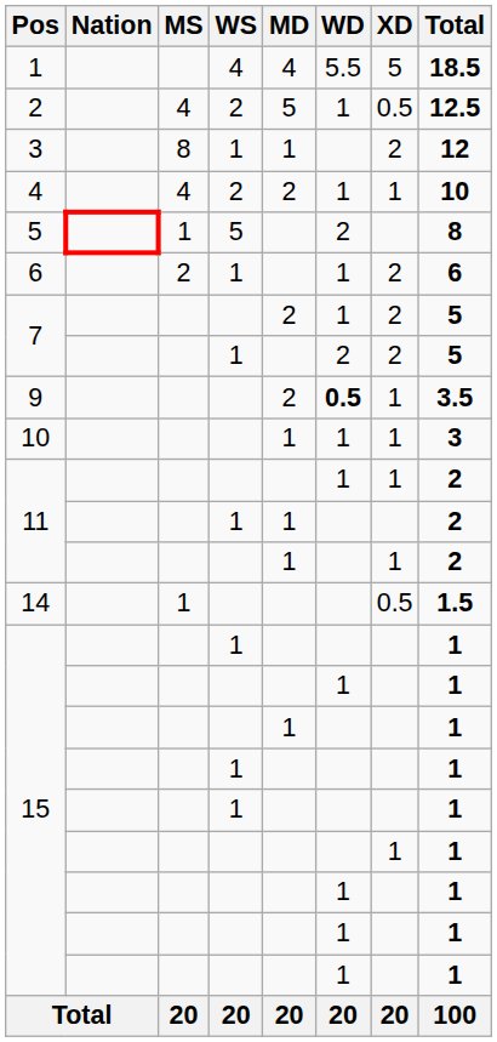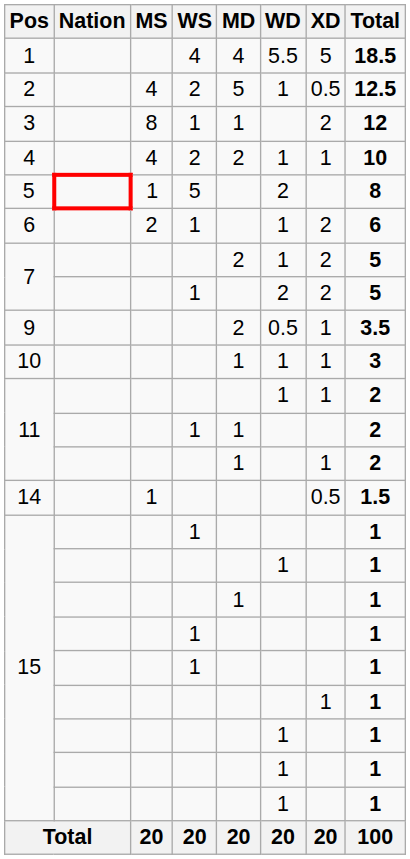 <table class="wikitable" style="text-align:center">
 <tr>
 <th>Pos</th>
 <th>Nation</th>
 <th>MS</th>
 <th>WS</th>
 <th>MD</th>
 <th>WD</th>
 <th>XD</th>
 <th>Total</th>
 </tr>
 <tr>
 <td>1</td>
 <td align="left"></td>
 <td></td>
 <td>4</td>
 <td>4</td>
 <td>5.5</td>
 <td>5</td>
 <td><strong>18.5</strong></td>
 </tr>
 <tr>
 <td>2</td>
 <td align="left"></td>
 <td>4</td>
 <td>2</td>
 <td>5</td>
 <td>1</td>
 <td>0.5</td>
 <td><strong>12.5</strong></td>
 </tr>
 <tr>
 <td>3</td>
 <td align="left"></td>
 <td>8</td>
 <td>1</td>
 <td>1</td>
 <td></td>
 <td>2</td>
 <td><strong>12</strong></td>
 </tr>
 <tr>
 <td>4</td>
 <td align="left"></td>
 <td>4</td>
 <td>2</td>
 <td>2</td>
 <td>1</td>
 <td>1</td>
 <td><strong>10</strong></td>
 </tr>
 <tr>
 <td>5</td>
 <td align="left" style="border: 3px solid red"><strong></strong></td>
 <td>1</td>
 <td>5</td>
 <td></td>
 <td>2</td>
 <td></td>
 <td><strong>8</strong></td>
 </tr>
 <tr>
 <td>6</td>
 <td align="left"></td>
 <td>2</td>
 <td>1</td>
 <td></td>
 <td>1</td>
 <td>2</td>
 <td><strong>6</strong></td>
 </tr>
 <tr>
 <td rowspan="2">7</td>
 <td align="left"></td>
 <td></td>
 <td></td>
 <td>2</td>
 <td>1</td>
 <td>2</td>
 <td><strong>5</strong></td>
 </tr>
 <tr>
 <td align="left"></td>
 <td></td>
 <td>1</td>
 <td></td>
 <td>2</td>
 <td>2</td>
 <td><strong>5</strong></td>
 </tr>
 <tr>
 <td>9</td>
 <td align="left"></td>
 <td></td>
 <td></td>
 <td>2</td>
-<td><strong>0.5</strong></td>
+<td>0.5</td>
 <td>1</td>
 <td><strong>3.5</strong></td>
 </tr>
 <tr>
 <td>10</td>
 <td align="left"></td>
 <td></td>
 <td></td>
 <td>1</td>
 <td>1</td>
 <td>1</td>
 <td><strong>3</strong></td>
 </tr>
 <tr>
 <td rowspan="3">11</td>
 <td align="left"></td>
 <td></td>
 <td></td>
 <td></td>
 <td>1</td>
 <td>1</td>
 <td><strong>2</strong></td>
 </tr>
 <tr>
 <td align="left"></td>
 <td></td>
 <td>1</td>
 <td>1</td>
 <td></td>
 <td></td>
 <td><strong>2</strong></td>
 </tr>
 <tr>
 <td align="left"></td>
 <td></td>
 <td></td>
 <td>1</td>
 <td></td>
 <td>1</td>
 <td><strong>2</strong></td>
 </tr>
 <tr>
 <td>14</td>
 <td align="left"></td>
 <td>1</td>
 <td></td>
 <td></td>
 <td></td>
 <td>0.5</td>
 <td><strong>1.5</strong></td>
 </tr>
 <tr>
 <td rowspan="9">15</td>
 <td align="left"></td>
 <td></td>
 <td>1</td>
 <td></td>
 <td></td>
 <td></td>
 <td><strong>1</strong></td>
 </tr>
 <tr>
 <td align="left"></td>
 <td></td>
 <td></td>
 <td></td>
 <td>1</td>
 <td></td>
 <td><strong>1</strong></td>
 </tr>
 <tr>
 <td align="left"></td>
 <td></td>
 <td></td>
 <td>1</td>
 <td></td>
 <td></td>
 <td><strong>1</strong></td>
 </tr>
 <tr>
 <td align="left"></td>
 <td></td>
 <td>1</td>
 <td></td>
 <td></td>
 <td></td>
 <td><strong>1</strong></td>
 </tr>
 <tr>
 <td align="left"></td>
 <td></td>
 <td>1</td>
 <td></td>
 <td></td>
 <td></td>
 <td><strong>1</strong></td>
 </tr>
 <tr>
 <td align="left"></td>
 <td></td>
 <td></td>
 <td></td>
 <td></td>
 <td>1</td>
 <td><strong>1</strong></td>
 </tr>
 <tr>
 <td align="left"></td>
 <td></td>
 <td></td>
 <td></td>
 <td>1</td>
 <td></td>
 <td><strong>1</strong></td>
 </tr>
 <tr>
 <td align="left"></td>
 <td></td>
 <td></td>
 <td></td>
 <td>1</td>
 <td></td>
 <td><strong>1</strong></td>
 </tr>
 <tr>
 <td align="left"></td>
 <td></td>
 <td></td>
 <td></td>
 <td>1</td>
 <td></td>
 <td><strong>1</strong></td>
 </tr>
 <tr>
 <th colspan="2">Total</th>
 <th>20</th>
 <th>20</th>
 <th>20</th>
 <th>20</th>
 <th>20</th>
 <th>100</th>
 </tr>
 </table>
